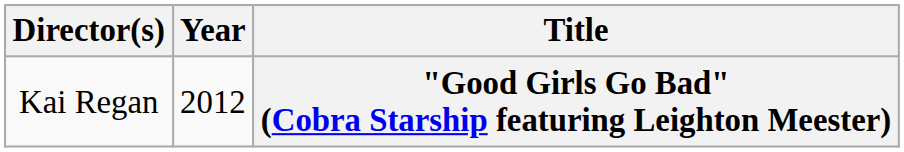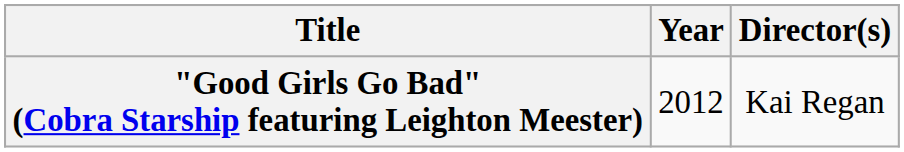 <table class="wikitable plainrowheaders" style="text-align:center;" border="1">
 <tr>
+<th scope="col">Title</th>
+<th scope="col">Year</th>
 <th scope="col">Director(s)</th>
-<th scope="col">Year</th>
-<th scope="col">Title</th>
 </tr>
 <tr>
+<th scope="row">"Good Girls Go Bad"<br><span>(<a href='#'>Cobra Starship</a> featuring Leighton Meester)</span></th>
+<td>2012</td>
 <td>Kai Regan</td>
-<td>2012</td>
-<th scope="row">"Good Girls Go Bad"<br><span>(<a href='#'>Cobra Starship</a> featuring Leighton Meester)</span></th>
 </tr>
 </table>
